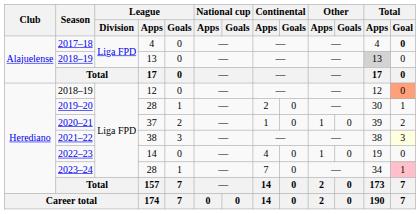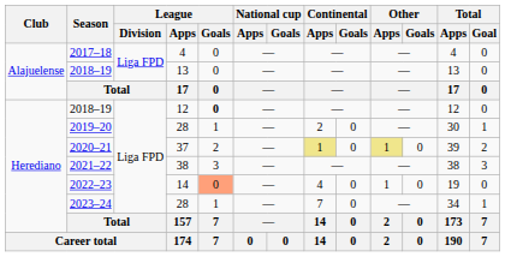 <table class="wikitable" style="text-align:center">
 <tr>
 <th rowspan="2">Club</th>
 <th rowspan="2">Season</th>
 <th colspan="3">League</th>
 <th colspan="2">National cup</th>
 <th colspan="2">Continental</th>
 <th colspan="2">Other</th>
 <th colspan="2">Total</th>
 </tr>
 <tr>
 <th>Division</th>
 <th>Apps</th>
 <th>Goals</th>
 <th>Apps</th>
 <th>Goals</th>
 <th>Apps</th>
 <th>Goals</th>
 <th>Apps</th>
 <th>Goals</th>
 <th>Apps</th>
 <th>Goal</th>
 </tr>
 <tr>
 <td rowspan="3"><a href='#'>Alajuelense</a></td>
 <td><a href='#'>2017–18</a></td>
 <td rowspan="2"><a href='#'>Liga FPD</a></td>
 <td>4</td>
 <td>0</td>
 <td colspan="2">—</td>
 <td colspan="2">—</td>
 <td colspan="2">—</td>
 <td>4</td>
-<td><strong>0</strong></td>
+<td>0</td>
 </tr>
 <tr>
 <td><a href='#'>2018–19</a></td>
 <td>13</td>
 <td>0</td>
 <td colspan="2">—</td>
 <td colspan="2">—</td>
 <td colspan="2">—</td>
-<td style="background: lightgrey;">13</td>
+<td>13</td>
 <td>0</td>
 </tr>
 <tr>
 <th colspan="2">Total</th>
 <th>17</th>
 <th>0</th>
 <th colspan="2">—</th>
 <th colspan="2">—</th>
 <th colspan="2">—</th>
 <th>17</th>
 <th>0</th>
 </tr>
 <tr>
 <td rowspan="7"><a href='#'>Herediano</a></td>
 <td>2018–19</td>
 <td rowspan="6">Liga FPD</td>
 <td>12</td>
-<td>0</td>
+<td><strong>0</strong></td>
 <td colspan="2">—</td>
 <td colspan="2">—</td>
 <td colspan="2">—</td>
 <td>12</td>
-<td style="background: lightsalmon;">0</td>
+<td>0</td>
 </tr>
 <tr>
 <td><a href='#'>2019–20</a></td>
 <td>28</td>
 <td>1</td>
 <td colspan="2">—</td>
 <td>2</td>
 <td>0</td>
 <td colspan="2">—</td>
 <td>30</td>
 <td>1</td>
 </tr>
 <tr>
 <td><a href='#'>2020–21</a></td>
 <td>37</td>
 <td>2</td>
 <td colspan="2">—</td>
-<td>1</td>
+<td style="background: khaki;">1</td>
 <td>0</td>
-<td>1</td>
+<td style="background: khaki;">1</td>
 <td>0</td>
 <td>39</td>
 <td>2</td>
 </tr>
 <tr>
 <td><a href='#'>2021–22</a></td>
 <td>38</td>
 <td>3</td>
 <td colspan="2">—</td>
 <td colspan="2">—</td>
 <td colspan="2">—</td>
 <td>38</td>
-<td style="background: lightyellow;">3</td>
+<td>3</td>
 </tr>
 <tr>
 <td><a href='#'>2022–23</a></td>
 <td>14</td>
-<td>0</td>
+<td style="background: lightsalmon;">0</td>
 <td colspan="2">—</td>
 <td>4</td>
 <td>0</td>
 <td>1</td>
 <td>0</td>
 <td>19</td>
 <td>0</td>
 </tr>
 <tr>
 <td><a href='#'>2023–24</a></td>
 <td>28</td>
 <td>1</td>
 <td colspan="2">—</td>
 <td>7</td>
 <td>0</td>
 <td colspan="2">—</td>
 <td>34</td>
-<td style="background: pink;">1</td>
+<td>1</td>
 </tr>
 <tr>
 <th colspan="2">Total</th>
 <th>157</th>
 <th>7</th>
 <th colspan="2">—</th>
 <th>14</th>
 <th>0</th>
 <th>2</th>
 <th>0</th>
 <th>173</th>
 <th>7</th>
 </tr>
 <tr>
 <th colspan="3">Career total</th>
 <th>174</th>
 <th>7</th>
 <th>0</th>
 <th>0</th>
 <th>14</th>
 <th>0</th>
 <th>2</th>
 <th>0</th>
 <th>190</th>
 <th>7</th>
 </tr>
 </table>
